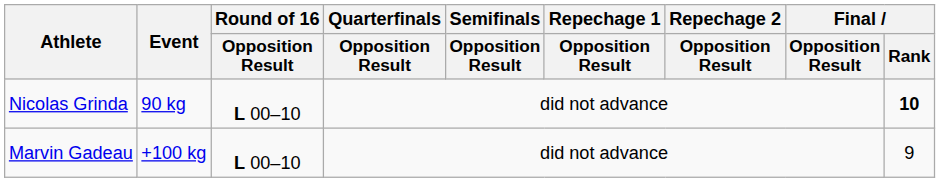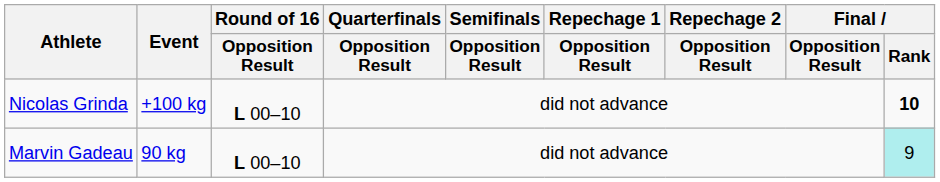 <table class="wikitable" style="font-size:90%">
 <tr>
 <th rowspan="2">Athlete</th>
 <th rowspan="2">Event</th>
 <th>Round of 16</th>
 <th>Quarterfinals</th>
 <th>Semifinals</th>
 <th>Repechage 1</th>
 <th>Repechage 2</th>
 <th colspan=2>Final / </th>
 </tr>
 <tr style="font-size:95%">
 <th>Opposition<br>Result</th>
 <th>Opposition<br>Result</th>
 <th>Opposition<br>Result</th>
 <th>Opposition<br>Result</th>
 <th>Opposition<br>Result</th>
 <th>Opposition<br>Result</th>
 <th>Rank</th>
 </tr>
 <tr align=center>
 <td align=left><a href='#'>Nicolas Grinda</a></td>
-<td align=left><a href='#'>90 kg</a></td>
+<td align=left><a href='#'>+100 kg</a></td>
 <td><br><strong>L</strong> 00–10</td>
 <td colspan=5>did not advance</td>
 <td><strong>10</strong></td>
 </tr>
 <tr align=center>
 <td align=left><a href='#'>Marvin Gadeau</a></td>
-<td align=left><a href='#'>+100 kg</a></td>
+<td align=left><a href='#'>90 kg</a></td>
 <td><br><strong>L</strong> 00–10</td>
 <td colspan=5>did not advance</td>
-<td>9</td>
+<td style="background: paleturquoise;">9</td>
 </tr>
 </table>
